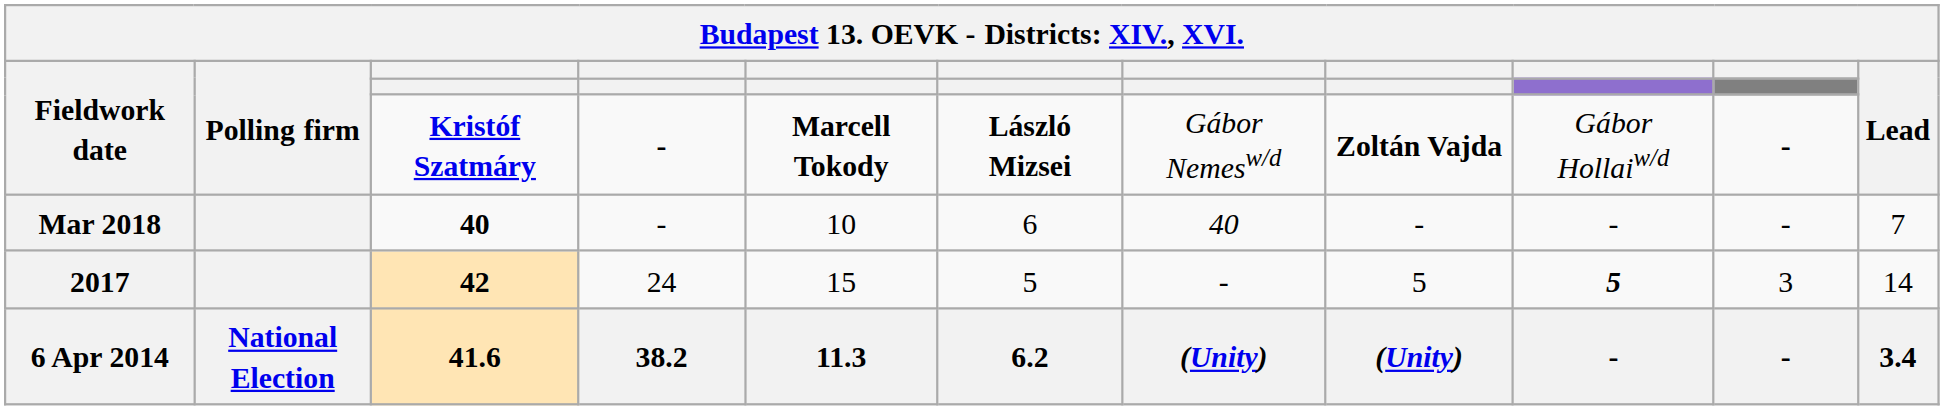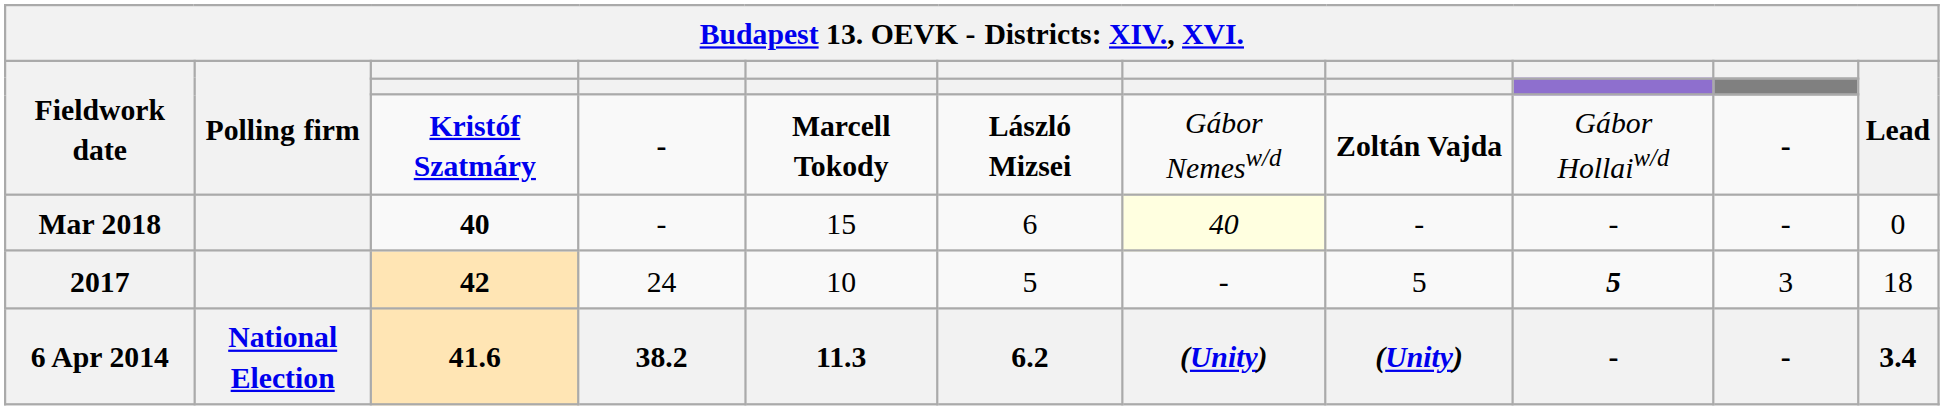 <table class="wikitable mw-collapsible mw-collapsed" style="text-align:center">
 <tr>
 <th colspan="11" style="width: 980pt;"><small><a href='#'>Budapest</a> 13. OEVK -</small> <small>Districts: <a href='#'>XIV.</a>, <a href='#'>XVI.</a></small></th>
 </tr>
 <tr>
 <th rowspan="3" style="width: 80pt;"><small>Fieldwork</small> <small>date</small></th>
 <th rowspan="3" style="width: 80pt;"><strong><small>Polling</small> <small>firm</small></strong></th>
 <th style="width: 100pt;"><small></small></th>
 <th style="width: 100pt;"><small> </small></th>
 <th style="width: 100pt;"></th>
 <th style="width: 100pt;"></th>
 <th style="width: 100pt;"></th>
 <th style="width: 100pt;"></th>
 <th style="width: 100pt;"></th>
 <th style="width: 100pt;"></th>
 <th rowspan="3" style="width: 20pt;"><small>Lead</small></th>
 </tr>
 <tr>
 <th style="color:inherit;background:"></th>
 <th style="color:inherit;background:"></th>
 <th style="color:inherit;background:"></th>
 <th style="color:inherit;background:"></th>
 <th style="color:inherit;background:"></th>
 <th style="color:inherit;background:"></th>
 <th style="color:inherit;background:#8E6FCE;"></th>
 <th style="color:inherit;background:#808080;"></th>
 </tr>
 <tr>
 <td><small><strong><a href='#'>Kristóf Szatmáry</a></strong></small></td>
 <td><small><strong>-</strong></small></td>
 <td><small><strong>Marcell Tokody</strong></small></td>
 <td><small><strong>László Mizsei</strong></small></td>
 <td><small><em>Gábor Nemes<sup>w/d</sup></em></small></td>
 <td><small><strong>Zoltán Vajda</strong></small></td>
 <td><small><em>Gábor Hollai<sup>w/d</sup></em></small></td>
 <td><small><strong>-</strong></small></td>
 </tr>
 <tr>
 <th><small>Mar 2018</small></th>
 <th><small></small></th>
 <td><strong><small>40</small></strong></td>
 <td><small>-</small></td>
-<td><small>10</small></td>
+<td><small>15</small></td>
 <td><small>6</small></td>
-<td><small><em>40</em></small></td>
+<td style="background: lightyellow;"><small><em>40</em></small></td>
 <td><small>-</small></td>
 <td><small><em>-</em></small></td>
 <td><small>-</small></td>
-<td><small>7</small></td>
+<td><small>0</small></td>
 </tr>
 <tr>
 <th><small>2017</small></th>
 <th><small></small></th>
 <td style="background:#FFE5B4"><small><strong>42</strong></small></td>
 <td><small>24</small></td>
-<td><small>15</small></td>
+<td><small>10</small></td>
 <td><small>5</small></td>
 <td><small><em>-</em></small></td>
 <td><small>5</small></td>
 <td><strong><small><em>5</em></small></strong></td>
 <td><small>3</small></td>
-<td style="background:"><small>14</small></td>
+<td style="background:"><small>18</small></td>
 </tr>
 <tr>
 <th><small>6 Apr 2014</small></th>
 <th><a href='#'><small>National Election</small></a></th>
 <th style="background:#FFE5B4"><small>41.6</small></th>
 <th><small>38.2</small></th>
 <th><small>11.3</small></th>
 <th><small>6.2</small></th>
 <th><small><em>(<a href='#'>Unity</a>)</em></small></th>
 <th><small><em>(<a href='#'>Unity</a>)</em></small></th>
 <th><small>-</small></th>
 <th><small>-</small></th>
 <th style="background:"><small>3.4</small></th>
 </tr>
 </table>
